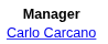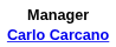 <table class="toccolours" border="0" cellpadding="2" cellspacing="0" align="left" style="margin:0.5em;">
 <tr>
 <th colspan="2" align=center bgcolor="#FFFFFF">Manager</th>
 </tr>
 <tr>
-<td> <a href='#'>Carlo Carcano</a></td>
+<td><strong> <a href='#'>Carlo Carcano</a></strong></td>
 </tr>
 </table>
